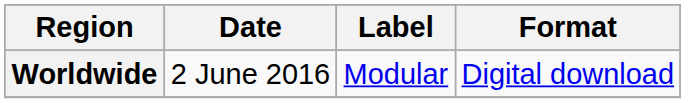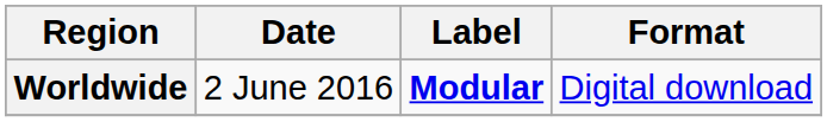 <table class="wikitable plainrowheaders">
 <tr>
 <th scope="col">Region</th>
 <th scope="col">Date</th>
 <th scope="col">Label</th>
 <th scope="col">Format</th>
 </tr>
 <tr>
 <th scope="row">Worldwide</th>
 <td>2 June 2016</td>
-<td><a href='#'>Modular</a></td>
+<td><strong><a href='#'>Modular</a></strong></td>
 <td><a href='#'>Digital download</a></td>
 </tr>
 <tr>
 </tr>
 </table>
